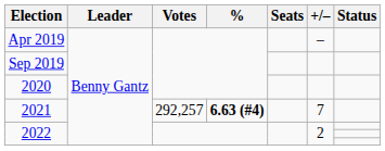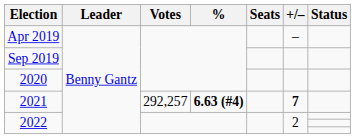 <table class=wikitable style=text-align:center>
 <tr>
 <th>Election</th>
 <th>Leader</th>
 <th>Votes</th>
 <th>%</th>
 <th>Seats</th>
 <th>+/–</th>
 <th>Status</th>
 </tr>
 <tr>
 <td><a href='#'>Apr 2019</a></td>
 <td align=left rowspan=7><a href='#'>Benny Gantz</a></td>
 <td colspan=2 rowspan=3></td>
 <td></td>
 <td>–</td>
 <td></td>
 </tr>
 <tr>
 <td><a href='#'>Sep 2019</a></td>
 <td></td>
 <td></td>
 <td></td>
 </tr>
 <tr>
 <td><a href='#'>2020</a></td>
 <td></td>
 <td></td>
 <td></td>
 </tr>
 <tr>
 <td><a href='#'>2021</a></td>
 <td>292,257</td>
 <td><strong>6.63 (#4)</strong></td>
 <td></td>
-<td> 7</td>
+<td><strong> 7</strong></td>
 <td></td>
 </tr>
 <tr>
 <td rowspan=3><a href='#'>2022</a></td>
 <td colspan=2 rowspan=3></td>
 <td rowspan=3></td>
 <td rowspan=3> 2</td>
 <td> </td>
 </tr>
 <tr>
 <td></td>
 </tr>
 <tr>
 <td> </td>
 </tr>
 </table>
